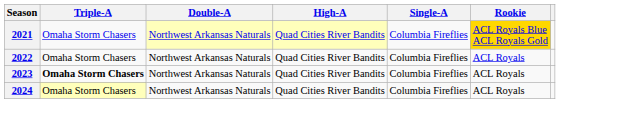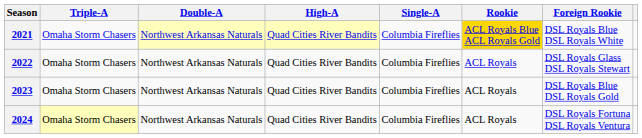 <table class="wikitable plainrowheaders">
 <tr>
 <th scope="col">Season</th>
 <th scope="col"><a href='#'><span>Triple-A</span></a></th>
 <th scope="col"><a href='#'><span>Double-A</span></a></th>
 <th scope="col"><a href='#'><span>High-A</span></a></th>
 <th scope="col"><a href='#'><span>Single-A</span></a></th>
 <th scope="col"><a href='#'><span>Rookie</span></a></th>
+<th scope="col"><a href='#'><span>Foreign Rookie</span></a></th>
 <th scope="col"></th>
 </tr>
 <tr>
 <th scope="row" style="text-align:center"><a href='#'>2021</a></th>
 <td><a href='#'>Omaha Storm Chasers</a></td>
 <td style="background:#FFFFBB"><a href='#'>Northwest Arkansas Naturals</a></td>
 <td style="background:#FFFFBB"><a href='#'>Quad Cities River Bandits</a></td>
 <td><a href='#'>Columbia Fireflies</a></td>
 <td style="background: gold;"><a href='#'>ACL Royals Blue</a><br><a href='#'>ACL Royals Gold</a></td>
+<td><a href='#'>DSL Royals Blue</a><br><a href='#'>DSL Royals White</a></td>
 <td align="center"></td>
 </tr>
 <tr>
 <th scope="row" style="text-align:center"><a href='#'>2022</a></th>
 <td>Omaha Storm Chasers</td>
 <td>Northwest Arkansas Naturals</td>
 <td>Quad Cities River Bandits</td>
 <td>Columbia Fireflies</td>
 <td><a href='#'>ACL Royals</a></td>
+<td><a href='#'>DSL Royals Glass</a><br><a href='#'>DSL Royals Stewart</a></td>
 <td align="center"></td>
 </tr>
 <tr>
 <th scope="row" style="text-align:center"><a href='#'>2023</a></th>
-<td><strong>Omaha Storm Chasers</strong></td>
+<td>Omaha Storm Chasers</td>
 <td>Northwest Arkansas Naturals</td>
 <td>Quad Cities River Bandits</td>
 <td>Columbia Fireflies</td>
 <td>ACL Royals</td>
+<td><a href='#'>DSL Royals Blue</a><br><a href='#'>DSL Royals Gold</a></td>
 <td align="center"></td>
 </tr>
 <tr>
 <th scope="row" style="text-align:center"><a href='#'>2024</a></th>
 <td style="background:#FFFFBB">Omaha Storm Chasers</td>
 <td>Northwest Arkansas Naturals</td>
 <td>Quad Cities River Bandits</td>
 <td>Columbia Fireflies</td>
 <td>ACL Royals</td>
+<td><a href='#'>DSL Royals Fortuna</a><br><a href='#'>DSL Royals Ventura</a></td>
 <td align="center"></td>
 </tr>
 </table>
